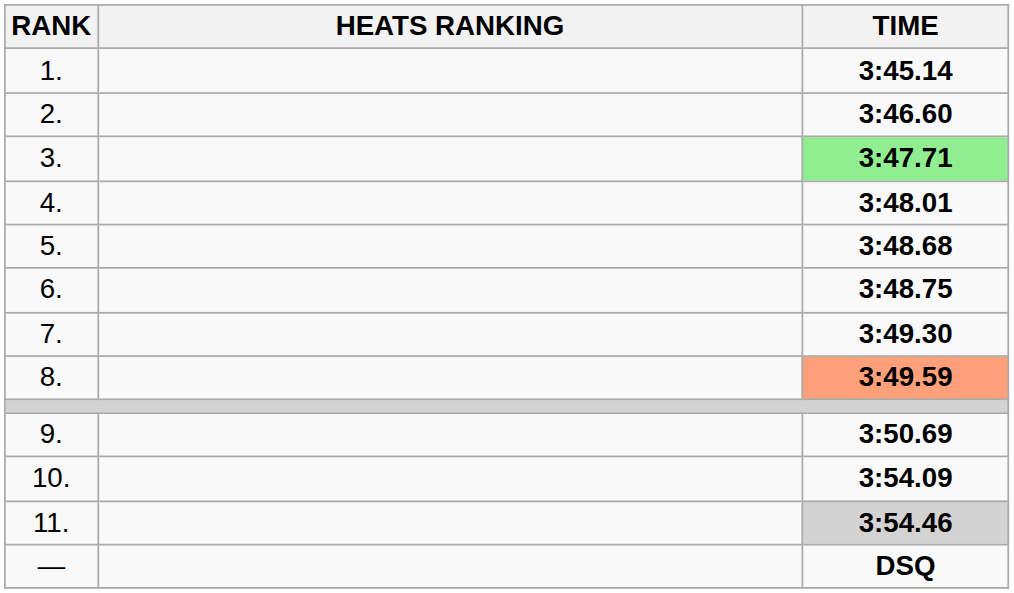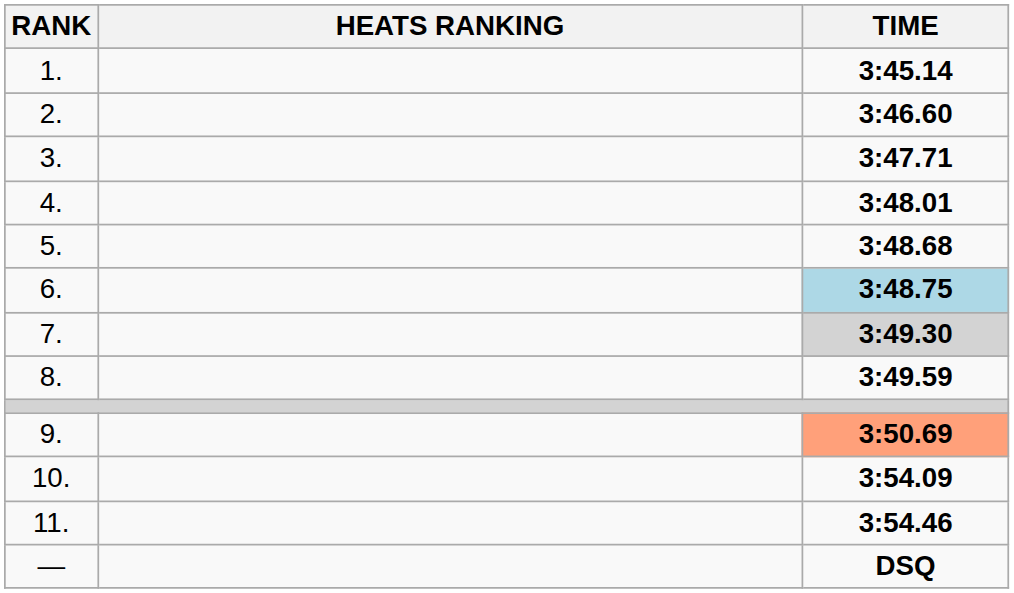 <table class="wikitable">
 <tr>
 <th>RANK</th>
 <th style="width: 25em">HEATS RANKING</th>
 <th style="width: 7em">TIME</th>
 </tr>
 <tr>
 <td align="center">1.</td>
 <td><strong></strong></td>
 <td align="center"><strong>3:45.14</strong></td>
 </tr>
 <tr>
 <td align="center">2.</td>
 <td><strong></strong></td>
 <td align="center"><strong>3:46.60</strong></td>
 </tr>
 <tr>
 <td align="center">3.</td>
 <td><strong></strong></td>
-<td align="center" style="background: lightgreen;"><strong>3:47.71</strong></td>
+<td align="center"><strong>3:47.71</strong></td>
 </tr>
 <tr>
 <td align="center">4.</td>
 <td><strong></strong></td>
 <td align="center"><strong>3:48.01</strong></td>
 </tr>
 <tr>
 <td align="center">5.</td>
 <td><strong></strong></td>
 <td align="center"><strong>3:48.68</strong></td>
 </tr>
 <tr>
 <td align="center">6.</td>
 <td><strong></strong></td>
-<td align="center"><strong>3:48.75</strong></td>
+<td align="center" style="background: lightblue;"><strong>3:48.75</strong></td>
 </tr>
 <tr>
 <td align="center">7.</td>
 <td><strong></strong></td>
-<td align="center"><strong>3:49.30</strong></td>
+<td align="center" style="background: lightgrey;"><strong>3:49.30</strong></td>
 </tr>
 <tr>
 <td align="center">8.</td>
 <td><strong></strong></td>
-<td align="center" style="background: lightsalmon;"><strong>3:49.59</strong></td>
+<td align="center"><strong>3:49.59</strong></td>
 </tr>
 <tr>
 <td colspan=3 bgcolor=lightgray></td>
 </tr>
 <tr>
 <td align="center">9.</td>
 <td><strong></strong></td>
-<td align="center"><strong>3:50.69</strong></td>
+<td align="center" style="background: lightsalmon;"><strong>3:50.69</strong></td>
 </tr>
 <tr>
 <td align="center">10.</td>
 <td><strong></strong></td>
 <td align="center"><strong>3:54.09</strong></td>
 </tr>
 <tr>
 <td align="center">11.</td>
 <td><strong></strong></td>
-<td align="center" style="background: lightgrey;"><strong>3:54.46</strong></td>
+<td align="center"><strong>3:54.46</strong></td>
 </tr>
 <tr>
 <td align="center">—</td>
 <td><strong></strong></td>
 <td align="center"><strong>DSQ</strong></td>
 </tr>
 </table>
